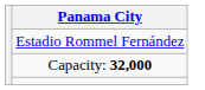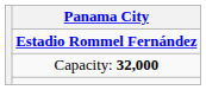 <table class=wikitable style="text-align:center">
 <tr>
 <th rowspan=4></th>
 <th><a href='#'>Panama City</a></th>
 </tr>
 <tr>
-<td><a href='#'>Estadio Rommel Fernández</a></td>
+<td><strong><a href='#'>Estadio Rommel Fernández</a></strong></td>
 </tr>
 <tr>
 <td>Capacity: <strong>32,000</strong></td>
 </tr>
 <tr>
 <td></td>
 </tr>
 </table>
